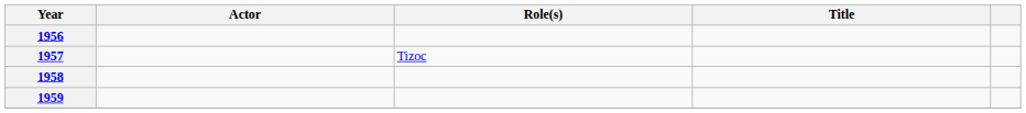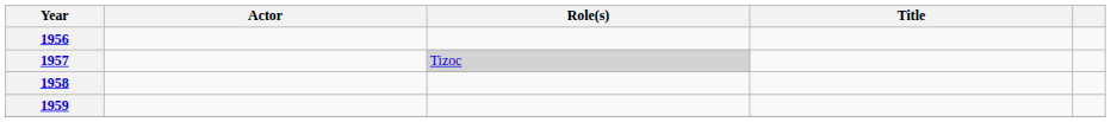 <table class="wikitable unsortable">
 <tr>
 <th scope="col" style="width:3%;">Year</th>
 <th scope="col" style="width:10%;">Actor</th>
 <th scope="col" style="width:10%;">Role(s)</th>
 <th scope="col" style="width:10%;">Title</th>
 <th scope="col" style="width:1%;" class="unsortable"></th>
 </tr>
 <tr>
 <th scope="row", style="text-align:center"><a href='#'>1956</a></th>
 <td></td>
 <td></td>
 <td colspan="1"></td>
 <td style="text-align:center;"></td>
 </tr>
 <tr>
 <th scope="row", style="text-align:center;"><a href='#'>1957</a></th>
 <td></td>
-<td><a href='#'>Tizoc</a></td>
+<td style="background: lightgrey;"><a href='#'>Tizoc</a></td>
 <td colspan="1"></td>
 <td style="text-align:center;"></td>
 </tr>
 <tr>
 <th scope="row", style="text-align:center;"><a href='#'>1958</a></th>
 <td></td>
 <td></td>
 <td colspan="1"></td>
 <td style="text-align:center;"></td>
 </tr>
 <tr>
 <th scope="row", style="text-align:center;"><a href='#'>1959</a></th>
 <td></td>
 <td></td>
 <td colspan="1"></td>
 <td style="text-align:center;"></td>
 </tr>
 <tr>
 </tr>
 </table>
